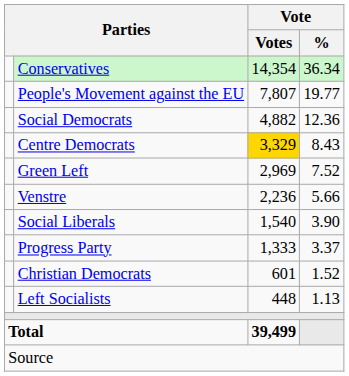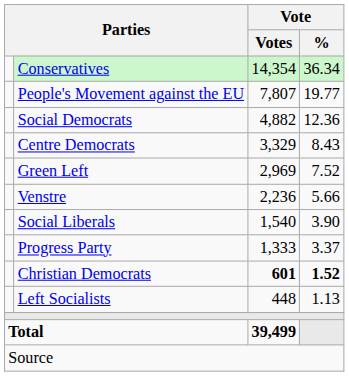 <table class="wikitable" style="text-align:right;">
 <tr>
 <th style="text-align:centre;" rowspan="2" colspan="2" width="225">Parties</th>
 <th colspan="3">Vote</th>
 </tr>
 <tr>
 <th width="15">Votes</th>
 <th width="15">%</th>
 </tr>
 <tr>
 <td width="2" style="color:inherit;background:"></td>
 <td bgcolor=#ccf7cc   align="left"><a href='#'>Conservatives</a></td>
 <td bgcolor=#ccf7cc>14,354</td>
 <td bgcolor=#ccf7cc>36.34</td>
 </tr>
 <tr>
 <td width="2" style="color:inherit;background:"></td>
 <td align="left"><a href='#'>People's Movement against the EU</a></td>
 <td>7,807</td>
 <td>19.77</td>
 </tr>
 <tr>
 <td width="2" style="color:inherit;background:"></td>
 <td align="left"><a href='#'>Social Democrats</a></td>
 <td>4,882</td>
 <td>12.36</td>
 </tr>
 <tr>
 <td width="2" style="color:inherit;background:"></td>
 <td align="left"><a href='#'>Centre Democrats</a></td>
-<td style="background: gold;">3,329</td>
+<td>3,329</td>
 <td>8.43</td>
 </tr>
 <tr>
 <td width="2" style="color:inherit;background:"></td>
 <td align="left"><a href='#'>Green Left</a></td>
 <td>2,969</td>
 <td>7.52</td>
 </tr>
 <tr>
 <td width="2" style="color:inherit;background:"></td>
 <td align="left"><a href='#'>Venstre</a></td>
 <td>2,236</td>
 <td>5.66</td>
 </tr>
 <tr>
 <td width="2" style="color:inherit;background:"></td>
 <td align="left"><a href='#'>Social Liberals</a></td>
 <td>1,540</td>
 <td>3.90</td>
 </tr>
 <tr>
 <td width="2" style="color:inherit;background:"></td>
 <td align="left"><a href='#'>Progress Party</a></td>
 <td>1,333</td>
 <td>3.37</td>
 </tr>
 <tr>
 <td width="2" style="color:inherit;background:"></td>
 <td align="left"><a href='#'>Christian Democrats</a></td>
-<td>601</td>
-<td>1.52</td>
+<td><strong>601</strong></td>
+<td><strong>1.52</strong></td>
 </tr>
 <tr>
 <td width="2" style="color:inherit;background:"></td>
 <td align="left"><a href='#'>Left Socialists</a></td>
 <td>448</td>
 <td>1.13</td>
 </tr>
 <tr>
 <td colspan="7" bgcolor="#E9E9E9"></td>
 </tr>
 <tr>
 <td align="left" colspan="2"><strong>Total</strong></td>
 <td><strong>39,499</strong></td>
 <td bgcolor="#E9E9E9" colspan="2"></td>
 </tr>
 <tr>
 <td align="left" colspan="6">Source</td>
 </tr>
 </table>
